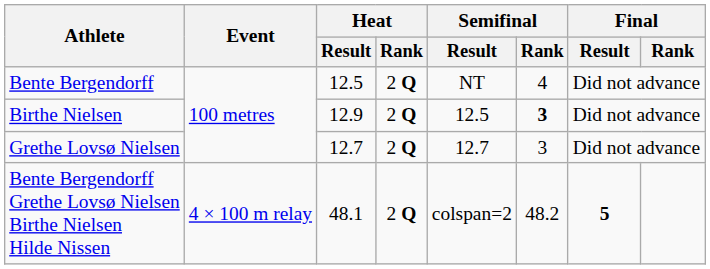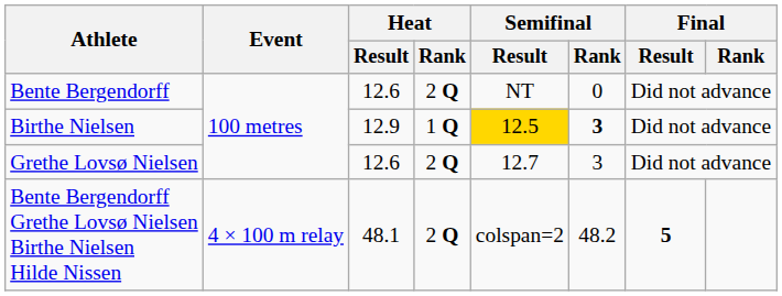 <table class="wikitable" style="font-size:90%">
 <tr>
 <th rowspan="2">Athlete</th>
 <th rowspan="2">Event</th>
 <th colspan="2">Heat</th>
 <th colspan="2">Semifinal</th>
 <th colspan="2">Final</th>
 </tr>
 <tr style="font-size:95%">
 <th>Result</th>
 <th>Rank</th>
 <th>Result</th>
 <th>Rank</th>
 <th>Result</th>
 <th>Rank</th>
 </tr>
 <tr align=center>
 <td align=left><a href='#'>Bente Bergendorff</a></td>
 <td align=left rowspan=3><a href='#'>100 metres</a></td>
-<td>12.5</td>
+<td>12.6</td>
 <td>2 <strong>Q</strong></td>
 <td>NT</td>
-<td>4</td>
+<td>0</td>
 <td colspan=2>Did not advance</td>
 </tr>
 <tr align=center>
 <td align=left><a href='#'>Birthe Nielsen</a></td>
 <td>12.9</td>
-<td>2 <strong>Q</strong></td>
-<td>12.5</td>
+<td>1 <strong>Q</strong></td>
+<td style="background: gold;">12.5</td>
 <td><strong>3</strong></td>
 <td colspan=2>Did not advance</td>
 </tr>
 <tr align=center>
 <td align=left rowspan=1><a href='#'>Grethe Lovsø Nielsen</a></td>
-<td>12.7</td>
+<td>12.6</td>
 <td>2 <strong>Q</strong></td>
 <td>12.7</td>
 <td>3</td>
 <td colspan=2>Did not advance</td>
 </tr>
 <tr align=center>
 <td align=left rowspan=1><a href='#'>Bente Bergendorff</a><br><a href='#'>Grethe Lovsø Nielsen</a><br><a href='#'>Birthe Nielsen</a><br><a href='#'>Hilde Nissen</a></td>
 <td align=left><a href='#'>4 × 100 m relay</a></td>
 <td>48.1</td>
 <td>2 <strong>Q</strong></td>
 <td>colspan=2 </td>
 <td>48.2</td>
 <td><strong>5</strong></td>
 </tr>
 </table>
